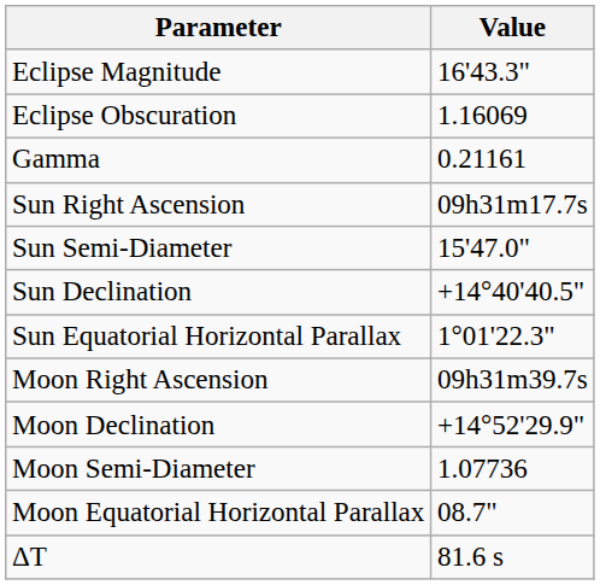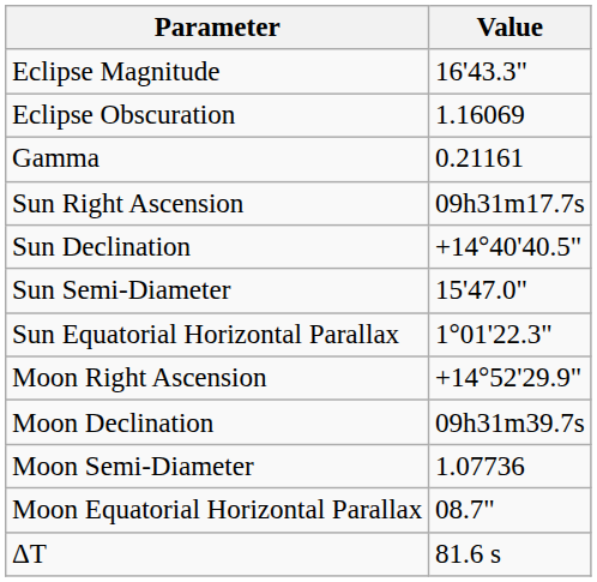 <table class="wikitable">
 <tr>
 <th>Parameter</th>
 <th>Value</th>
 </tr>
 <tr>
 <td>Eclipse Magnitude</td>
 <td>16'43.3"</td>
 </tr>
 <tr>
 <td>Eclipse Obscuration</td>
 <td>1.16069</td>
 </tr>
 <tr>
 <td>Gamma</td>
 <td>0.21161</td>
 </tr>
 <tr>
 <td>Sun Right Ascension</td>
 <td>09h31m17.7s</td>
 </tr>
 <tr>
+<td>Sun Declination</td>
+<td>+14°40'40.5"</td>
+</tr>
+<tr>
 <td>Sun Semi-Diameter</td>
 <td>15'47.0"</td>
-</tr>
-<tr>
-<td>Sun Declination</td>
-<td>+14°40'40.5"</td>
 </tr>
 <tr>
 <td>Sun Equatorial Horizontal Parallax</td>
 <td>1°01'22.3"</td>
 </tr>
 <tr>
 <td>Moon Right Ascension</td>
-<td>09h31m39.7s</td>
+<td>+14°52'29.9"</td>
 </tr>
 <tr>
 <td>Moon Declination</td>
-<td>+14°52'29.9"</td>
+<td>09h31m39.7s</td>
 </tr>
 <tr>
 <td>Moon Semi-Diameter</td>
 <td>1.07736</td>
 </tr>
 <tr>
 <td>Moon Equatorial Horizontal Parallax</td>
 <td>08.7"</td>
 </tr>
 <tr>
 <td>ΔT</td>
 <td>81.6 s</td>
 </tr>
 </table>
